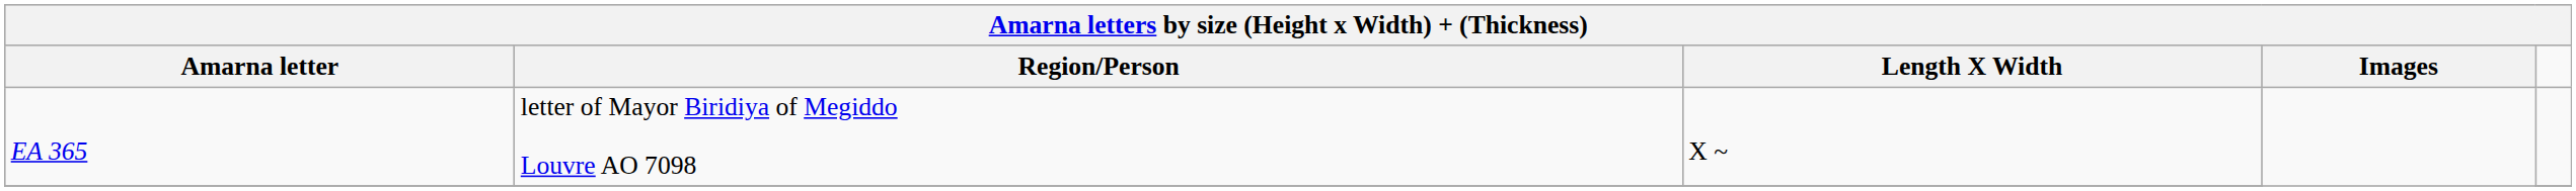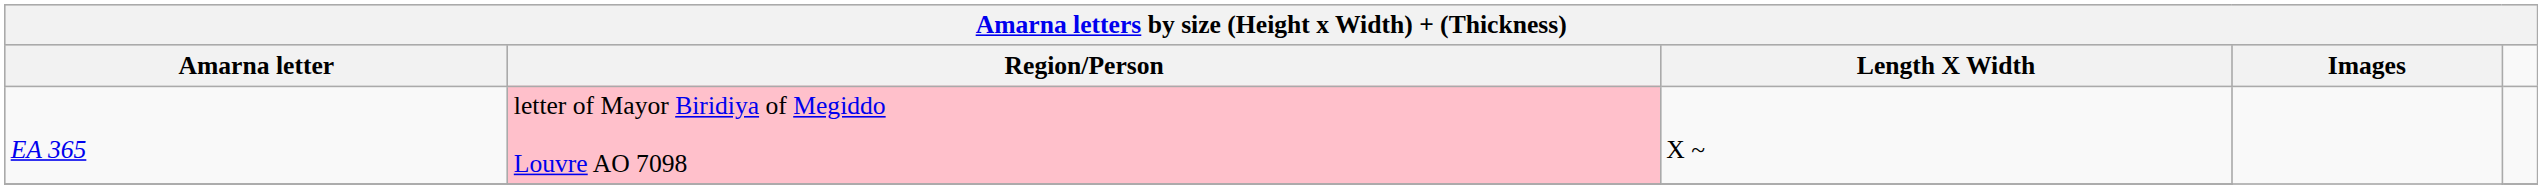 <table class="wikitable" align="center" width="100%">
 <tr>
 <th colspan="5" align="center"><strong><a href='#'>Amarna letters</a> by size (Height x Width) + (Thickness)</strong></th>
 </tr>
 <tr>
 <th>Amarna letter</th>
 <th>Region/Person</th>
 <th>Length X Width</th>
 <th>Images</th>
 </tr>
 <tr>
 <td><br><em><a href='#'>EA 365</a></em></td>
-<td>letter of Mayor <a href='#'>Biridiya</a> of <a href='#'>Megiddo</a><br><br> <a href='#'>Louvre</a> AO 7098</td>
+<td style="background: pink;">letter of Mayor <a href='#'>Biridiya</a> of <a href='#'>Megiddo</a><br><br> <a href='#'>Louvre</a> AO 7098</td>
 <td> <br>X ~</td>
 <td rowspan="99"><br></td>
 <td></td>
 </tr>
 <tr>
 </tr>
 </table>
